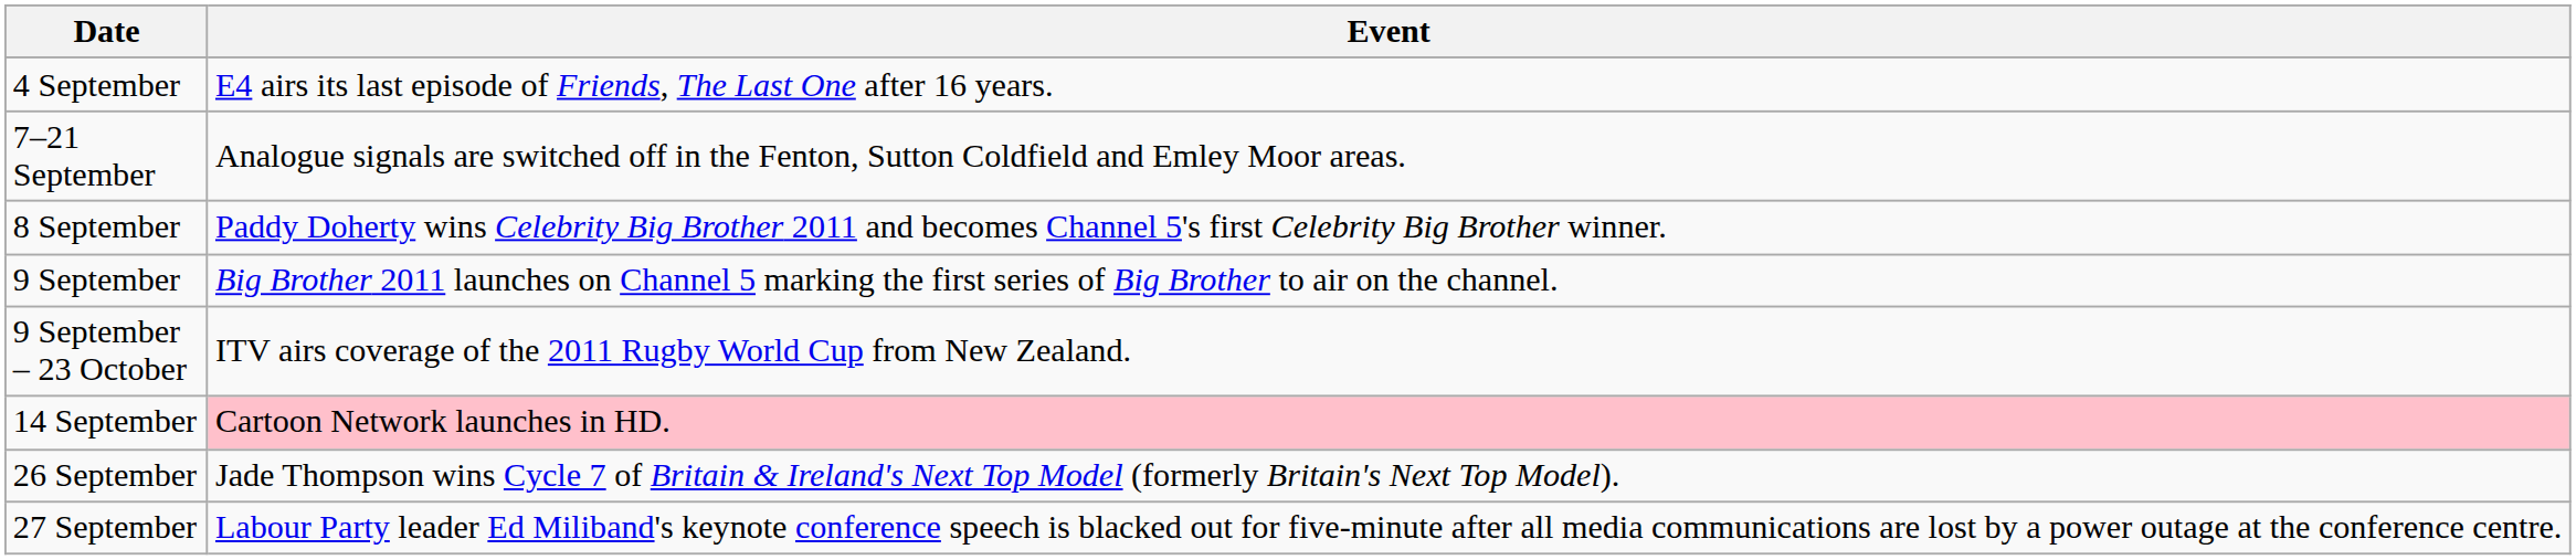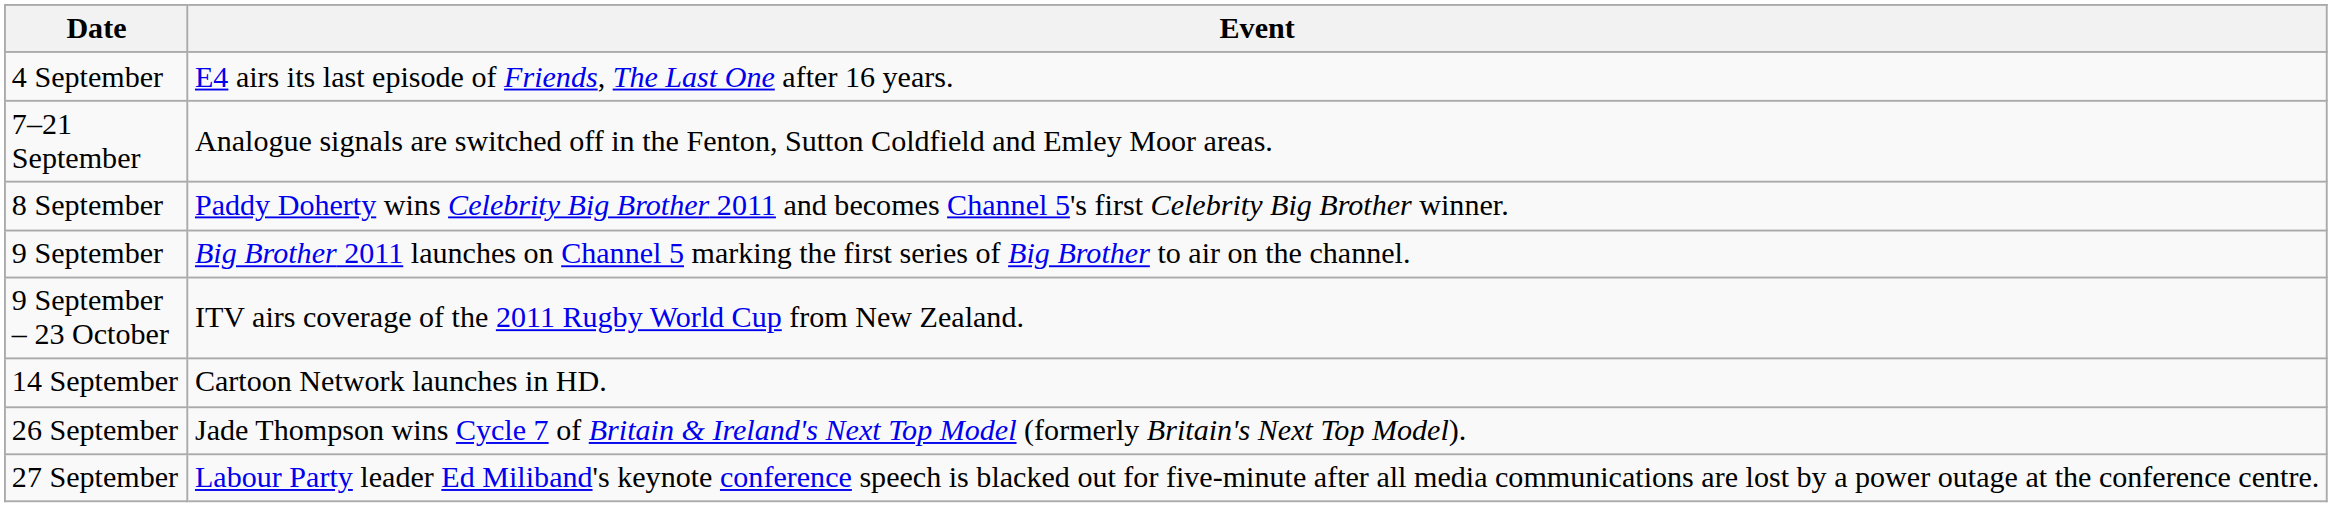 <table class="wikitable">
 <tr>
 <th width=90>Date</th>
 <th>Event</th>
 </tr>
 <tr>
 <td>4 September</td>
 <td><a href='#'>E4</a> airs its last episode of <em><a href='#'>Friends</a></em>, <em><a href='#'>The Last One</a></em> after 16 years.</td>
 </tr>
 <tr>
 <td>7–21 September</td>
 <td>Analogue signals are switched off in the Fenton, Sutton Coldfield and Emley Moor areas.</td>
 </tr>
 <tr>
 <td>8 September</td>
 <td><a href='#'>Paddy Doherty</a> wins <a href='#'><em>Celebrity Big Brother</em> 2011</a> and becomes <a href='#'>Channel 5</a>'s first <em>Celebrity Big Brother</em> winner.</td>
 </tr>
 <tr>
 <td>9 September</td>
 <td><a href='#'><em>Big Brother</em> 2011</a> launches on <a href='#'>Channel 5</a> marking the first series of <em><a href='#'>Big Brother</a></em> to air on the channel.</td>
 </tr>
 <tr>
 <td>9 September – 23 October</td>
 <td>ITV airs coverage of the <a href='#'>2011 Rugby World Cup</a> from New Zealand.</td>
 </tr>
 <tr>
 <td>14 September</td>
-<td style="background: pink;">Cartoon Network launches in HD.</td>
+<td>Cartoon Network launches in HD.</td>
 </tr>
 <tr>
 <td>26 September</td>
 <td>Jade Thompson wins <a href='#'>Cycle 7</a> of <em><a href='#'>Britain & Ireland's Next Top Model</a></em> (formerly <em>Britain's Next Top Model</em>).</td>
 </tr>
 <tr>
 <td>27 September</td>
 <td><a href='#'>Labour Party</a> leader <a href='#'>Ed Miliband</a>'s keynote <a href='#'>conference</a> speech is blacked out for five-minute after all media communications are lost by a power outage at the conference centre.</td>
 </tr>
 </table>
